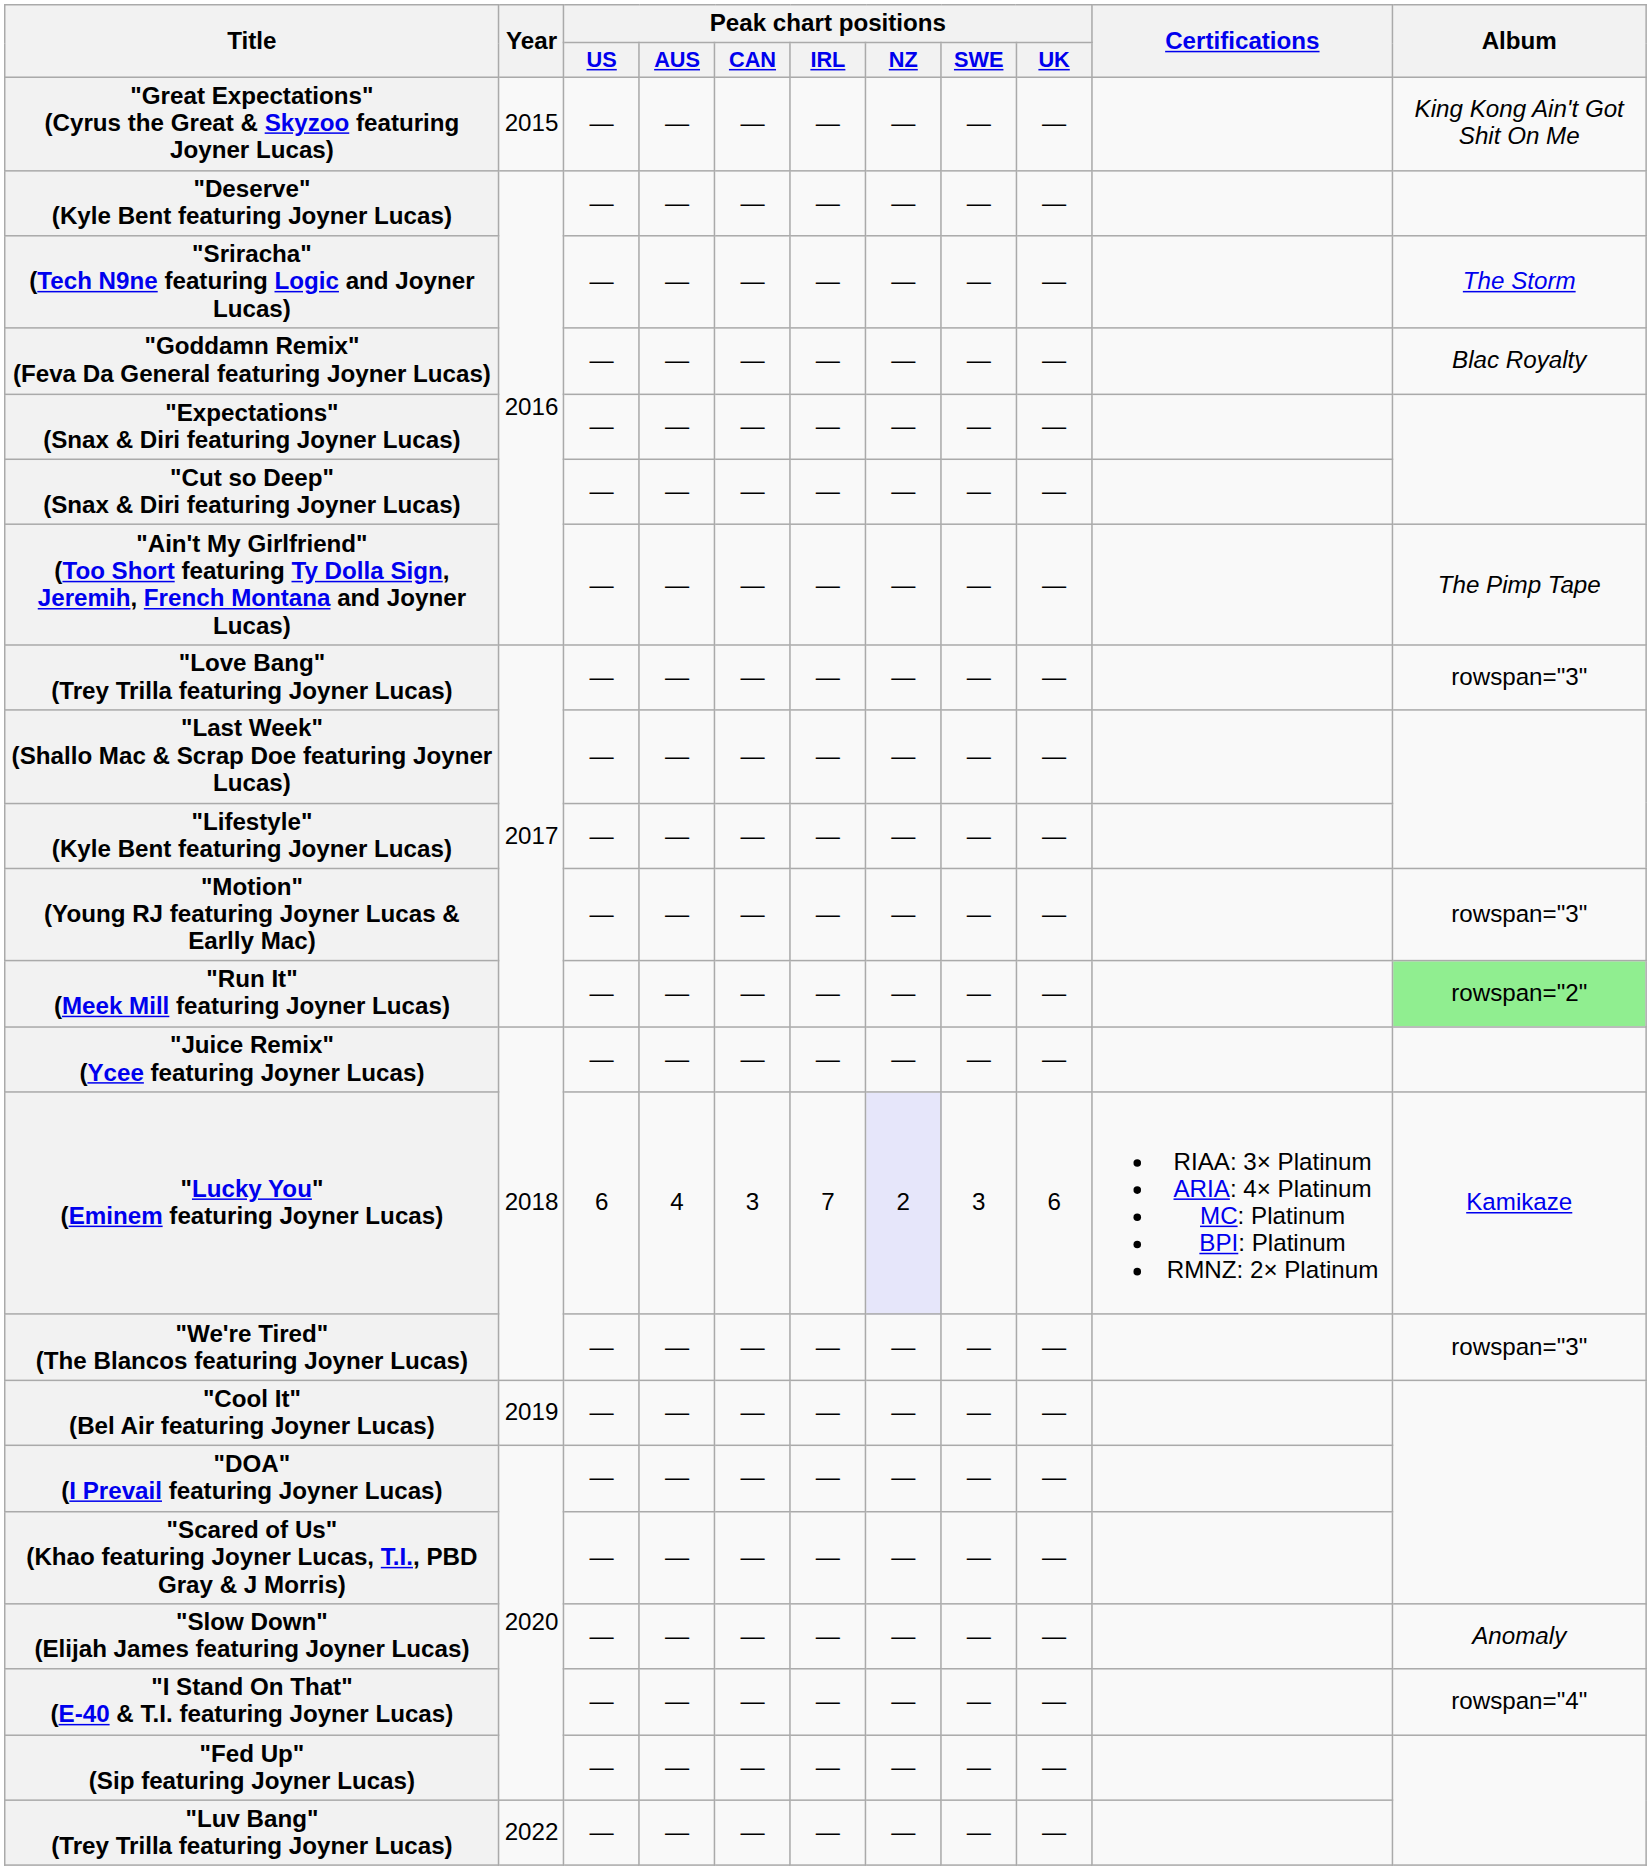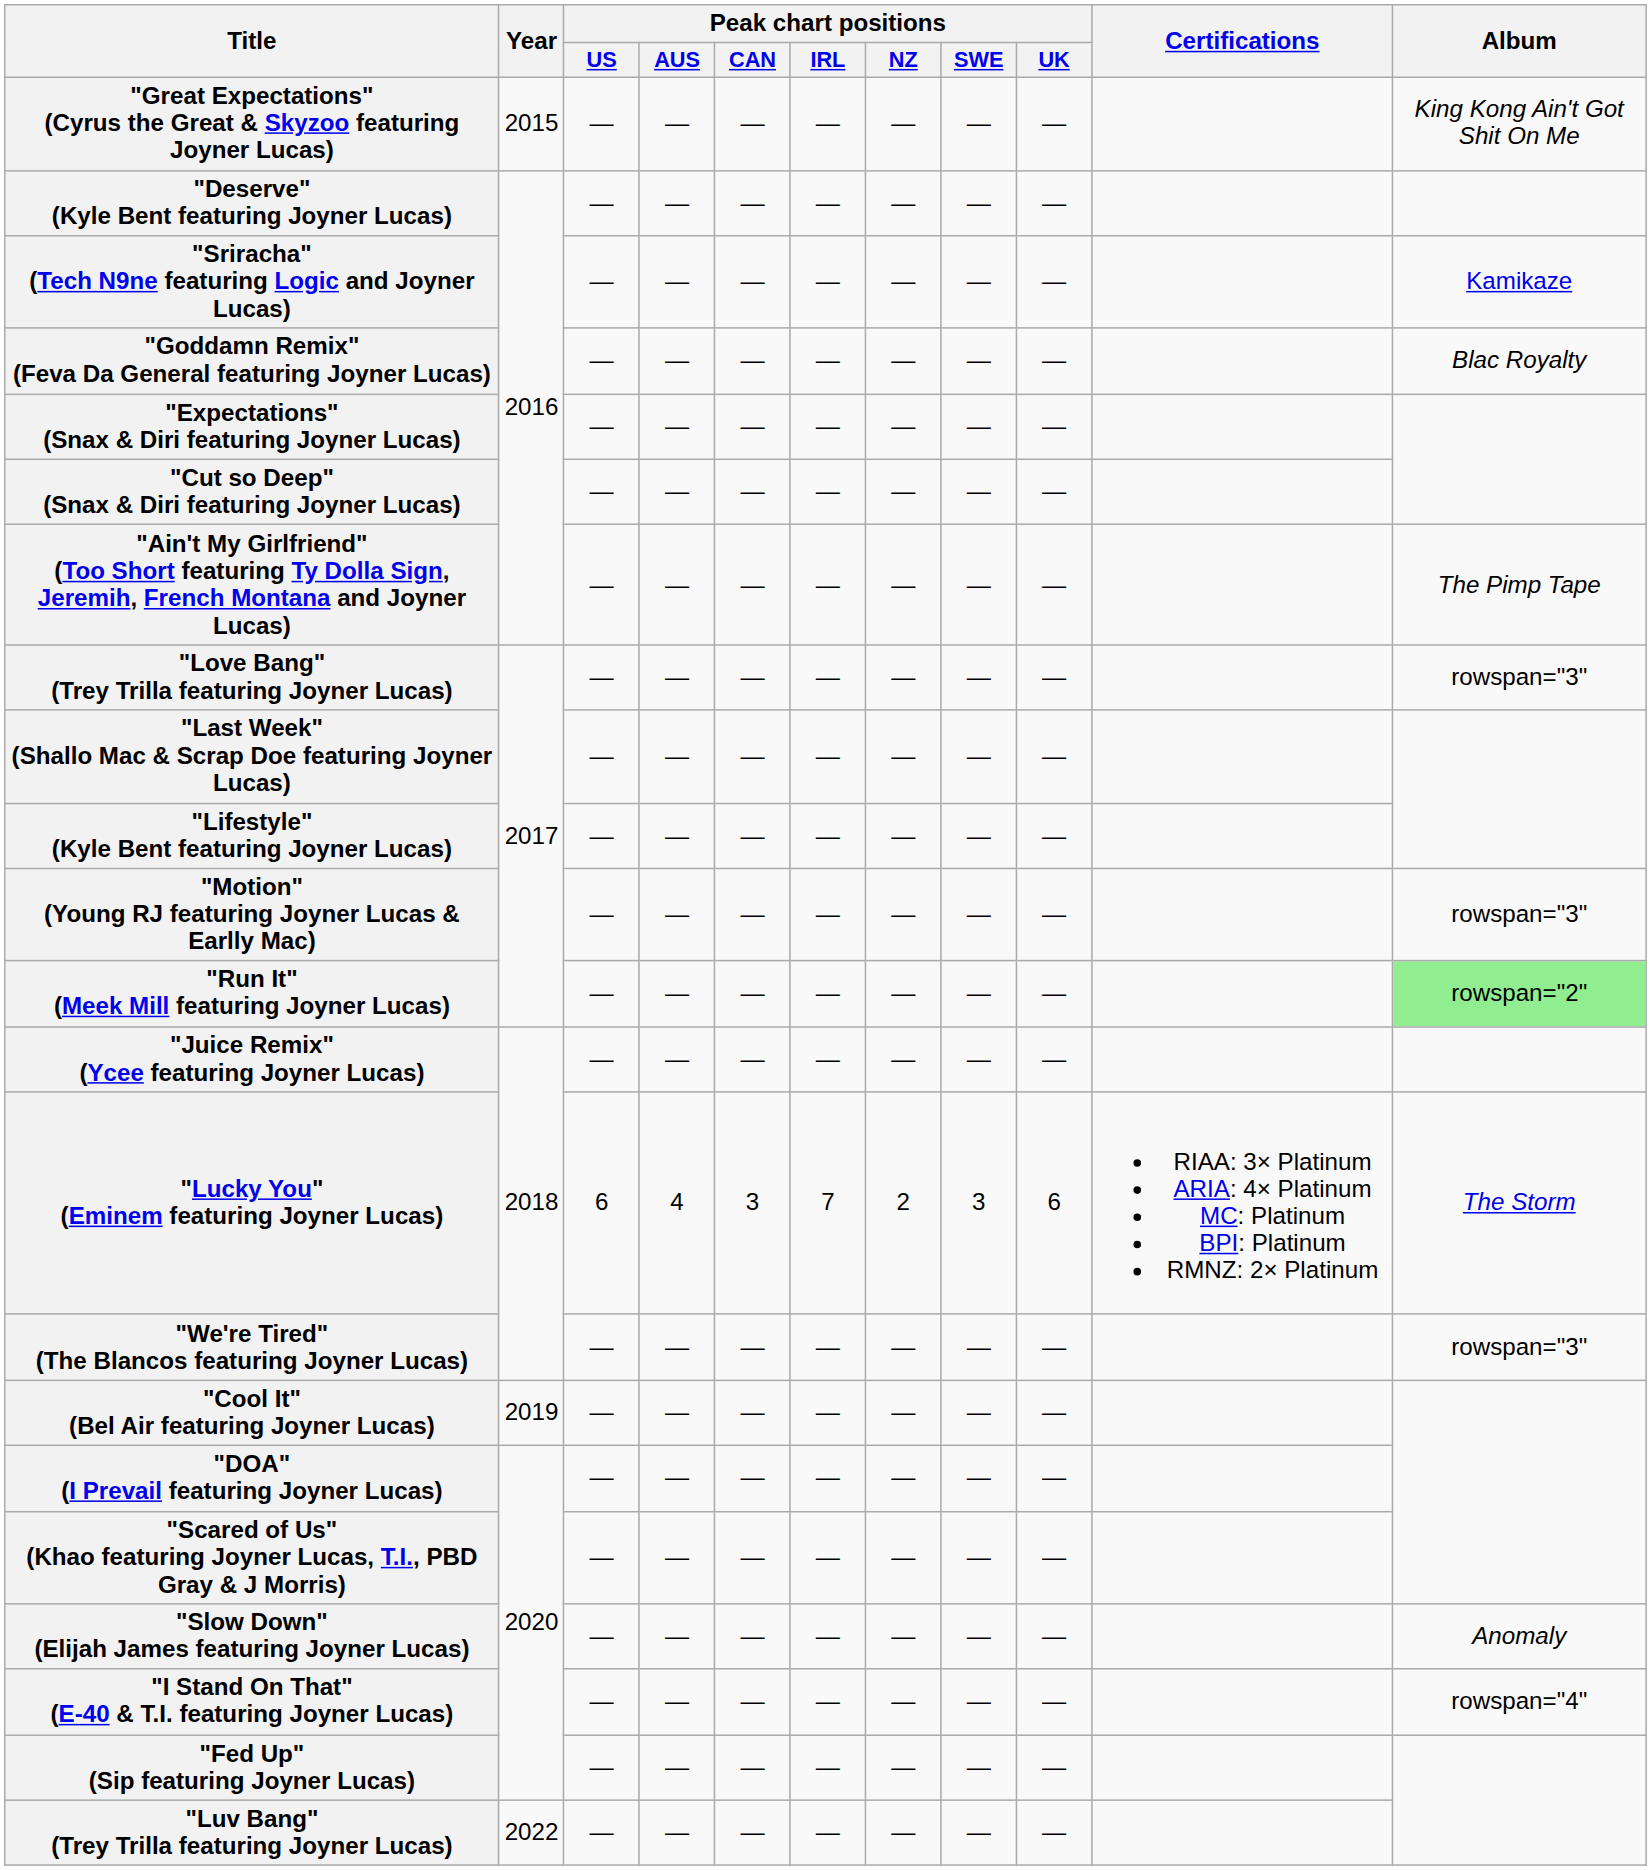 <table class="wikitable plainrowheaders" style="text-align:center">
 <tr>
 <th scope="col" rowspan="2" style="width:20em;">Title</th>
 <th scope="col" rowspan="2" style="width:1em;">Year</th>
 <th scope="col" colspan="7">Peak chart positions</th>
 <th scope="col" rowspan="2" style="width:12em;"><a href='#'>Certifications</a></th>
 <th scope="col" rowspan="2" style="width:10em;">Album</th>
 </tr>
 <tr>
 <th scope="col" style="width:3em;font-size:90%;"><a href='#'>US</a><br></th>
 <th scope="col" style="width:3em;font-size:90%;"><a href='#'>AUS</a><br></th>
 <th scope="col" style="width:3em;font-size:90%;"><a href='#'>CAN</a><br></th>
 <th style="width:3em; font-size:90%"><a href='#'>IRL</a><br></th>
 <th style="width:3em; font-size:90%"><a href='#'>NZ</a><br></th>
 <th style="width:3em; font-size:90%"><a href='#'>SWE</a><br></th>
 <th style="width:3em; font-size:90%"><a href='#'>UK</a><br></th>
 </tr>
 <tr>
 <th scope="row">"Great Expectations"<br><span>(Cyrus the Great & <a href='#'>Skyzoo</a> featuring Joyner Lucas)</span></th>
 <td>2015</td>
 <td>—</td>
 <td>—</td>
 <td>—</td>
 <td>—</td>
 <td>—</td>
 <td>—</td>
 <td>—</td>
 <td></td>
 <td><em>King Kong Ain't Got Shit On Me</em></td>
 </tr>
 <tr>
 <th scope="row">"Deserve"<br><span>(Kyle Bent featuring Joyner Lucas)</span></th>
 <td rowspan="6">2016</td>
 <td>—</td>
 <td>—</td>
 <td>—</td>
 <td>—</td>
 <td>—</td>
 <td>—</td>
 <td>—</td>
 <td></td>
 <td></td>
 </tr>
 <tr>
 <th scope="row">"Sriracha"<br><span>(<a href='#'>Tech N9ne</a> featuring <a href='#'>Logic</a> and Joyner Lucas)</span></th>
 <td>—</td>
 <td>—</td>
 <td>—</td>
 <td>—</td>
 <td>—</td>
 <td>—</td>
 <td>—</td>
 <td></td>
-<td><em><a href='#'>The Storm</a></em></td>
+<td><em><a href='#'></em>Kamikaze<em></a></em></td>
 </tr>
 <tr>
 <th scope="row">"Goddamn Remix"<br><span>(Feva Da General featuring Joyner Lucas)</span></th>
 <td>—</td>
 <td>—</td>
 <td>—</td>
 <td>—</td>
 <td>—</td>
 <td>—</td>
 <td>—</td>
 <td></td>
 <td><em>Blac Royalty</em></td>
 </tr>
 <tr>
 <th scope="row">"Expectations"<br><span>(Snax & Diri featuring Joyner Lucas)</span></th>
 <td>—</td>
 <td>—</td>
 <td>—</td>
 <td>—</td>
 <td>—</td>
 <td>—</td>
 <td>—</td>
 <td></td>
 </tr>
 <tr>
 <th scope="row">"Cut so Deep"<br><span>(Snax & Diri featuring Joyner Lucas)</span></th>
 <td>—</td>
 <td>—</td>
 <td>—</td>
 <td>—</td>
 <td>—</td>
 <td>—</td>
 <td>—</td>
 <td></td>
 </tr>
 <tr>
 <th scope="row">"Ain't My Girlfriend"<br><span>(<a href='#'>Too Short</a> featuring <a href='#'>Ty Dolla Sign</a>, <a href='#'>Jeremih</a>, <a href='#'>French Montana</a> and Joyner Lucas)</span></th>
 <td>—</td>
 <td>—</td>
 <td>—</td>
 <td>—</td>
 <td>—</td>
 <td>—</td>
 <td>—</td>
 <td></td>
 <td><em>The Pimp Tape</em></td>
 </tr>
 <tr>
 <th scope="row">"Love Bang"<br><span>(Trey Trilla featuring Joyner Lucas)</span></th>
 <td rowspan="5">2017</td>
 <td>—</td>
 <td>—</td>
 <td>—</td>
 <td>—</td>
 <td>—</td>
 <td>—</td>
 <td>—</td>
 <td></td>
 <td>rowspan="3" </td>
 </tr>
 <tr>
 <th scope="row">"Last Week"<br><span>(Shallo Mac & Scrap Doe featuring Joyner Lucas)</span></th>
 <td>—</td>
 <td>—</td>
 <td>—</td>
 <td>—</td>
 <td>—</td>
 <td>—</td>
 <td>—</td>
 <td></td>
 </tr>
 <tr>
 <th scope="row">"Lifestyle"<br><span>(Kyle Bent featuring Joyner Lucas)</span></th>
 <td>—</td>
 <td>—</td>
 <td>—</td>
 <td>—</td>
 <td>—</td>
 <td>—</td>
 <td>—</td>
 <td></td>
 </tr>
 <tr>
 <th scope="row">"Motion"<br><span>(Young RJ featuring Joyner Lucas & Earlly Mac)</span></th>
 <td>—</td>
 <td>—</td>
 <td>—</td>
 <td>—</td>
 <td>—</td>
 <td>—</td>
 <td>—</td>
 <td></td>
 <td>rowspan="3" </td>
 </tr>
 <tr>
 <th scope="row">"Run It"<br><span>(<a href='#'>Meek Mill</a> featuring Joyner Lucas)</span></th>
 <td>—</td>
 <td>—</td>
 <td>—</td>
 <td>—</td>
 <td>—</td>
 <td>—</td>
 <td>—</td>
 <td></td>
 <td style="background: lightgreen;">rowspan="2" </td>
 </tr>
 <tr>
 <th scope="row">"Juice Remix"<br><span>(<a href='#'>Ycee</a> featuring Joyner Lucas)</span></th>
 <td rowspan="3">2018</td>
 <td>—</td>
 <td>—</td>
 <td>—</td>
 <td>—</td>
 <td>—</td>
 <td>—</td>
 <td>—</td>
 <td></td>
 </tr>
 <tr>
 <th scope="row">"<a href='#'>Lucky You</a>"<br><span>(<a href='#'>Eminem</a> featuring Joyner Lucas)</span></th>
 <td>6</td>
 <td>4</td>
 <td>3</td>
 <td>7</td>
-<td style="background: lavender;">2</td>
+<td>2</td>
 <td>3</td>
 <td>6</td>
 <td><br><ul><li>RIAA: 3× Platinum</li><li><a href='#'>ARIA</a>: 4× Platinum</li><li><a href='#'>MC</a>: Platinum</li><li><a href='#'>BPI</a>: Platinum</li><li>RMNZ: 2× Platinum</li></ul></td>
-<td><em><a href='#'></em>Kamikaze<em></a></em></td>
+<td><em><a href='#'>The Storm</a></em></td>
 </tr>
 <tr>
 <th scope="row">"We're Tired"<br><span>(The Blancos featuring Joyner Lucas)</span></th>
 <td>—</td>
 <td>—</td>
 <td>—</td>
 <td>—</td>
 <td>—</td>
 <td>—</td>
 <td>—</td>
 <td></td>
 <td>rowspan="3" </td>
 </tr>
 <tr>
 <th scope="row">"Cool It"<br><span>(Bel Air featuring Joyner Lucas)</span></th>
 <td>2019</td>
 <td>—</td>
 <td>—</td>
 <td>—</td>
 <td>—</td>
 <td>—</td>
 <td>—</td>
 <td>—</td>
 <td></td>
 </tr>
 <tr>
 <th scope="row">"DOA"<br><span>(<a href='#'>I Prevail</a> featuring Joyner Lucas)</span></th>
 <td rowspan="5">2020</td>
 <td>—</td>
 <td>—</td>
 <td>—</td>
 <td>—</td>
 <td>—</td>
 <td>—</td>
 <td>—</td>
 <td></td>
 </tr>
 <tr>
 <th scope="row">"Scared of Us"<br><span>(Khao featuring Joyner Lucas, <a href='#'>T.I.</a>, PBD Gray & J Morris)</span></th>
 <td>—</td>
 <td>—</td>
 <td>—</td>
 <td>—</td>
 <td>—</td>
 <td>—</td>
 <td>—</td>
 <td></td>
 </tr>
 <tr>
 <th scope="row">"Slow Down"<br><span>(Elijah James featuring Joyner Lucas)</span></th>
 <td>—</td>
 <td>—</td>
 <td>—</td>
 <td>—</td>
 <td>—</td>
 <td>—</td>
 <td>—</td>
 <td></td>
 <td><em>Anomaly</em></td>
 </tr>
 <tr>
 <th scope="row">"I Stand On That"<br><span>(<a href='#'>E-40</a> & T.I. featuring Joyner Lucas)</span></th>
 <td>—</td>
 <td>—</td>
 <td>—</td>
 <td>—</td>
 <td>—</td>
 <td>—</td>
 <td>—</td>
 <td></td>
 <td>rowspan="4" </td>
 </tr>
 <tr>
 <th scope="row">"Fed Up"<br><span>(Sip featuring Joyner Lucas)</span></th>
 <td>—</td>
 <td>—</td>
 <td>—</td>
 <td>—</td>
 <td>—</td>
 <td>—</td>
 <td>—</td>
 <td></td>
 </tr>
 <tr>
 <th scope="row">"Luv Bang"<br><span>(Trey Trilla featuring Joyner Lucas)</span></th>
 <td>2022</td>
 <td>—</td>
 <td>—</td>
 <td>—</td>
 <td>—</td>
 <td>—</td>
 <td>—</td>
 <td>—</td>
 <td></td>
 </tr>
 </table>
